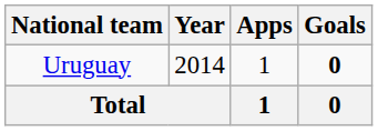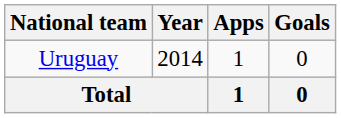 <table class="wikitable" style="text-align:center">
 <tr>
 <th>National team</th>
 <th>Year</th>
 <th>Apps</th>
 <th>Goals</th>
 </tr>
 <tr>
 <td><a href='#'>Uruguay</a></td>
 <td>2014</td>
 <td>1</td>
-<td><strong>0</strong></td>
+<td>0</td>
 </tr>
 <tr>
 <th colspan="2">Total</th>
 <th>1</th>
 <th>0</th>
 </tr>
 </table>
